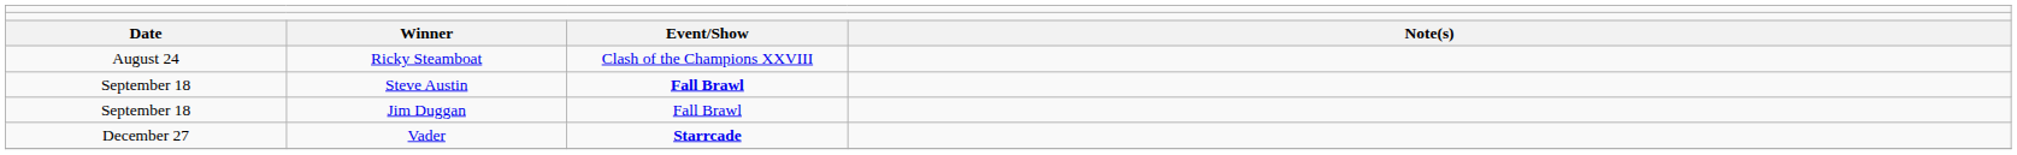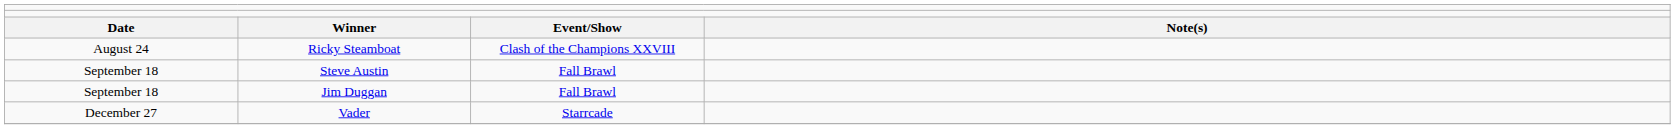 <table class="wikitable" style="text-align:center; width:100%;">
 <tr>
 <td colspan="5"></td>
 </tr>
 <tr>
 <td colspan="5"><strong></strong></td>
 </tr>
 <tr>
 <th width=14%>Date</th>
 <th width=14%>Winner</th>
 <th width=14%>Event/Show</th>
 <th width=58%>Note(s)</th>
 </tr>
 <tr>
 <td>August 24</td>
 <td><a href='#'>Ricky Steamboat</a></td>
 <td><a href='#'>Clash of the Champions XXVIII</a></td>
 <td align=left></td>
 </tr>
 <tr>
 <td>September 18</td>
 <td><a href='#'>Steve Austin</a></td>
-<td><strong><a href='#'>Fall Brawl</a></strong></td>
+<td><a href='#'>Fall Brawl</a></td>
 <td align=left></td>
 </tr>
 <tr>
 <td>September 18</td>
 <td><a href='#'>Jim Duggan</a></td>
 <td><a href='#'>Fall Brawl</a></td>
 <td align=left></td>
 </tr>
 <tr>
 <td>December 27</td>
 <td><a href='#'>Vader</a></td>
-<td><strong><a href='#'>Starrcade</a></strong></td>
+<td><a href='#'>Starrcade</a></td>
 <td align=left></td>
 </tr>
 <tr>
 </tr>
 </table>
